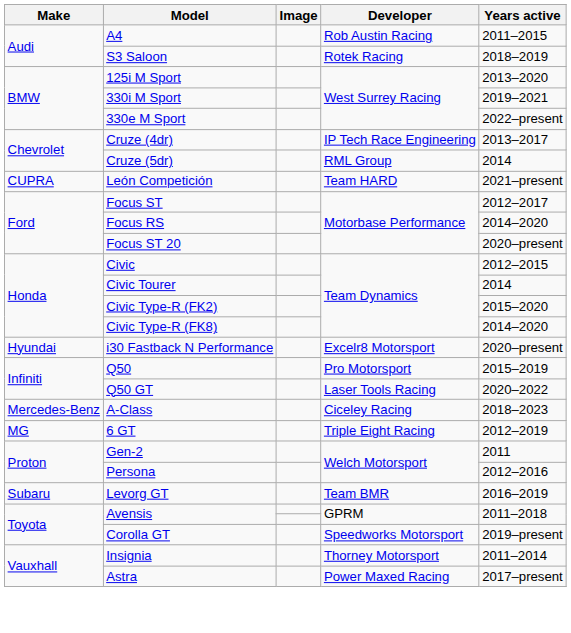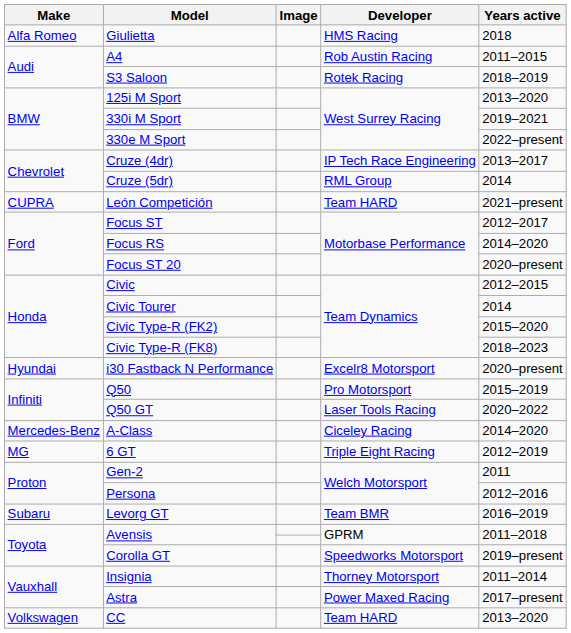 <table class="wikitable" style="font-size: 85%; font-size: 85%; href:Chevrolet Cruze">
 <tr>
 <th>Make</th>
 <th>Model</th>
 <th>Image</th>
 <th>Developer</th>
 <th>Years active</th>
+</tr>
+<tr>
+<td><a href='#'>Alfa Romeo</a></td>
+<td><a href='#'>Giulietta</a></td>
+<td></td>
+<td><a href='#'>HMS Racing</a></td>
+<td>2018</td>
 </tr>
 <tr>
 <td rowspan="2"><a href='#'>Audi</a></td>
 <td><a href='#'>A4</a></td>
 <td></td>
 <td><a href='#'>Rob Austin Racing</a></td>
 <td>2011–2015</td>
 </tr>
 <tr>
 <td><a href='#'>S3 Saloon</a></td>
 <td></td>
 <td><a href='#'>Rotek Racing</a></td>
 <td>2018–2019</td>
 </tr>
 <tr>
 <td rowspan="3"><a href='#'>BMW</a></td>
 <td><a href='#'>125i M Sport</a></td>
 <td></td>
 <td rowspan="3"><a href='#'>West Surrey Racing</a></td>
 <td>2013–2020</td>
 </tr>
 <tr>
 <td><a href='#'>330i M Sport</a></td>
 <td></td>
 <td>2019–2021</td>
 </tr>
 <tr>
 <td><a href='#'>330e M Sport</a></td>
 <td></td>
 <td>2022–present</td>
 </tr>
 <tr>
 <td rowspan="2"><a href='#'>Chevrolet</a></td>
 <td><a href='#'>Cruze (4dr)</a></td>
 <td></td>
 <td><a href='#'>IP Tech Race Engineering</a></td>
 <td>2013–2017</td>
 </tr>
 <tr>
 <td><a href='#'>Cruze (5dr)</a></td>
 <td></td>
 <td><a href='#'>RML Group</a></td>
 <td>2014</td>
 </tr>
 <tr>
 <td><a href='#'>CUPRA</a></td>
 <td><a href='#'>León Competición</a></td>
 <td></td>
 <td><a href='#'>Team HARD</a></td>
 <td>2021–present</td>
 </tr>
 <tr>
 <td rowspan="3"><a href='#'>Ford</a></td>
 <td><a href='#'>Focus ST</a></td>
 <td></td>
 <td rowspan="3"><a href='#'>Motorbase Performance</a></td>
 <td>2012–2017</td>
 </tr>
 <tr>
 <td><a href='#'>Focus RS</a></td>
 <td></td>
 <td>2014–2020</td>
 </tr>
 <tr>
 <td><a href='#'>Focus ST 20</a></td>
 <td></td>
 <td>2020–present</td>
 </tr>
 <tr>
 <td rowspan="4"><a href='#'>Honda</a></td>
 <td><a href='#'>Civic</a></td>
 <td></td>
 <td rowspan="4"><a href='#'>Team Dynamics</a></td>
 <td>2012–2015</td>
 </tr>
 <tr>
 <td><a href='#'>Civic Tourer</a></td>
 <td></td>
 <td>2014</td>
 </tr>
 <tr>
 <td><a href='#'>Civic Type-R (FK2)</a></td>
 <td></td>
 <td>2015–2020</td>
 </tr>
 <tr>
 <td><a href='#'>Civic Type-R (FK8)</a></td>
 <td></td>
-<td>2014–2020</td>
+<td>2018–2023</td>
 </tr>
 <tr>
 <td><a href='#'>Hyundai</a></td>
 <td><a href='#'>i30 Fastback N Performance</a></td>
 <td></td>
 <td><a href='#'>Excelr8 Motorsport</a></td>
 <td>2020–present</td>
 </tr>
 <tr>
 <td rowspan="2"><a href='#'>Infiniti</a></td>
 <td><a href='#'>Q50</a></td>
 <td></td>
 <td><a href='#'>Pro Motorsport</a></td>
 <td>2015–2019</td>
 </tr>
 <tr>
 <td><a href='#'>Q50 GT</a></td>
 <td></td>
 <td><a href='#'>Laser Tools Racing</a></td>
 <td>2020–2022</td>
 </tr>
 <tr>
 <td><a href='#'>Mercedes-Benz</a></td>
 <td><a href='#'>A-Class</a></td>
 <td></td>
 <td><a href='#'>Ciceley Racing</a></td>
-<td>2018–2023</td>
+<td>2014–2020</td>
 </tr>
 <tr>
 <td><a href='#'>MG</a></td>
 <td><a href='#'>6 GT</a></td>
 <td></td>
 <td><a href='#'>Triple Eight Racing</a></td>
 <td>2012–2019</td>
 </tr>
 <tr>
 <td rowspan="2"><a href='#'>Proton</a></td>
 <td><a href='#'>Gen-2</a></td>
 <td></td>
 <td rowspan="2"><a href='#'>Welch Motorsport</a></td>
 <td>2011</td>
 </tr>
 <tr>
 <td><a href='#'>Persona</a></td>
 <td></td>
 <td>2012–2016</td>
 </tr>
 <tr>
 <td><a href='#'>Subaru</a></td>
 <td><a href='#'>Levorg GT</a></td>
 <td></td>
 <td><a href='#'>Team BMR</a></td>
 <td>2016–2019</td>
 </tr>
 <tr>
 <td rowspan="3"><a href='#'>Toyota</a></td>
 <td rowspan="2"><a href='#'>Avensis</a></td>
 <td></td>
 <td rowspan="2">GPRM</td>
 <td rowspan="2">2011–2018</td>
 </tr>
 <tr>
 <td></td>
 </tr>
 <tr>
 <td><a href='#'>Corolla GT</a></td>
 <td></td>
 <td><a href='#'>Speedworks Motorsport</a></td>
 <td>2019–present</td>
 </tr>
 <tr>
 <td rowspan="2"><a href='#'>Vauxhall</a></td>
 <td><a href='#'>Insignia</a></td>
 <td></td>
 <td><a href='#'>Thorney Motorsport</a></td>
 <td>2011–2014</td>
 </tr>
 <tr>
 <td><a href='#'>Astra</a></td>
 <td></td>
 <td><a href='#'>Power Maxed Racing</a></td>
 <td>2017–present</td>
 </tr>
+<tr>
+<td><a href='#'>Volkswagen</a></td>
+<td><a href='#'>CC</a></td>
+<td></td>
+<td><a href='#'>Team HARD</a></td>
+<td>2013–2020</td>
+</tr>
 </table>
